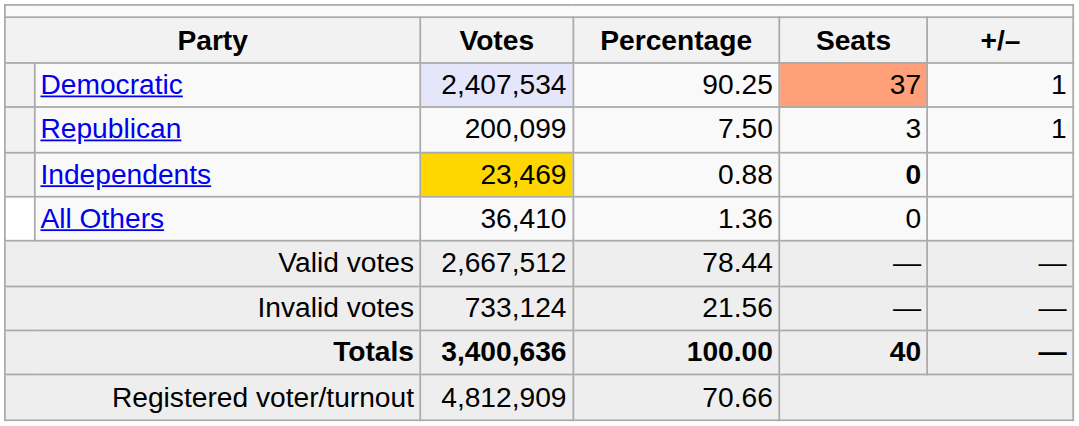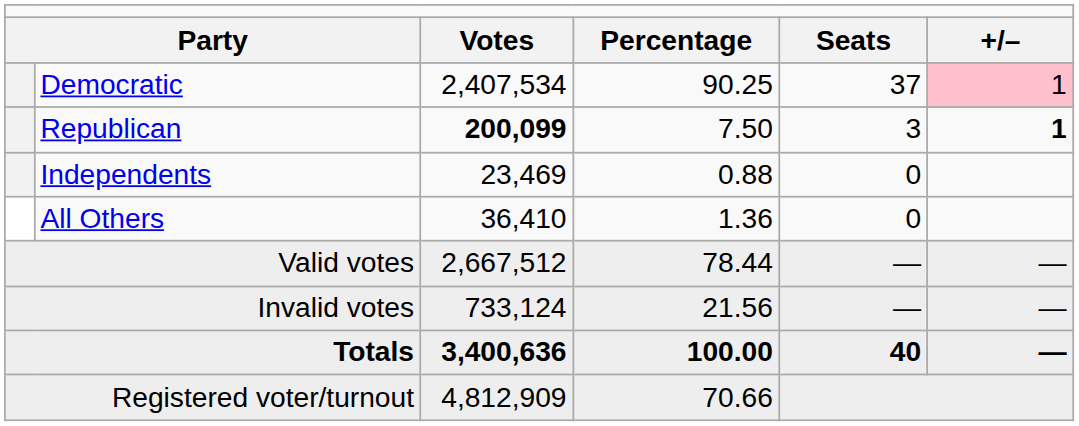 <table class="wikitable">
 <tr>
 <td colspan=10 align=center></td>
 </tr>
 <tr>
 <th colspan=2 style="width: 15em">Party</th>
 <th style="width: 5em">Votes</th>
 <th style="width: 7em">Percentage</th>
 <th style="width: 5em">Seats</th>
 <th style="width: 5em">+/–</th>
 </tr>
 <tr>
 <th style="background:"></th>
 <td style="width: 130px"><a href='#'>Democratic</a></td>
-<td align="right" style="background: lavender;">2,407,534</td>
+<td align="right">2,407,534</td>
 <td align="right">90.25</td>
-<td align="right" style="background: lightsalmon;">37</td>
-<td align="right"> 1</td>
+<td align="right">37</td>
+<td align="right" style="background: pink;"> 1</td>
 </tr>
 <tr>
 <th style="background:"></th>
 <td style="width: 130px"><a href='#'>Republican</a></td>
-<td align="right">200,099</td>
+<td align="right"><strong>200,099</strong></td>
 <td align="right">7.50</td>
 <td align="right">3</td>
-<td align="right"> 1</td>
+<td align="right"><strong> 1</strong></td>
 </tr>
 <tr>
 <th style="background:"></th>
 <td style="width: 130px"><a href='#'>Independents</a></td>
-<td align="right" style="background: gold;">23,469</td>
+<td align="right">23,469</td>
 <td align="right">0.88</td>
-<td align="right"><strong>0</strong></td>
+<td align="right">0</td>
 <td align="right"></td>
 </tr>
 <tr>
 <th style="background-color:#FFFFFF; width: 3px"></th>
 <td style="width: 130px"><a href='#'>All Others</a></td>
 <td align="right">36,410</td>
 <td align="right">1.36</td>
 <td align="right">0</td>
 <td align="right"></td>
 </tr>
 <tr bgcolor="#EEEEEE">
 <td colspan="2" align="right">Valid votes</td>
 <td align="right">2,667,512</td>
 <td align="right">78.44</td>
 <td align="right">—</td>
 <td align="right">—</td>
 </tr>
 <tr bgcolor="#EEEEEE">
 <td colspan="2" align="right">Invalid votes</td>
 <td align="right">733,124</td>
 <td align="right">21.56</td>
 <td align="right">—</td>
 <td align="right">—</td>
 </tr>
 <tr bgcolor="#EEEEEE">
 <td colspan="2" align="right"><strong>Totals</strong></td>
 <td align="right"><strong>3,400,636</strong></td>
 <td align="right"><strong>100.00</strong></td>
 <td align="right"><strong>40</strong></td>
 <td align="right"><strong>—</strong></td>
 </tr>
 <tr bgcolor="#EEEEEE">
 <td colspan="2" align="right">Registered voter/turnout</td>
 <td align="right">4,812,909</td>
 <td align="right">70.66</td>
 <td colspan="2" align="right"></td>
 </tr>
 </table>
